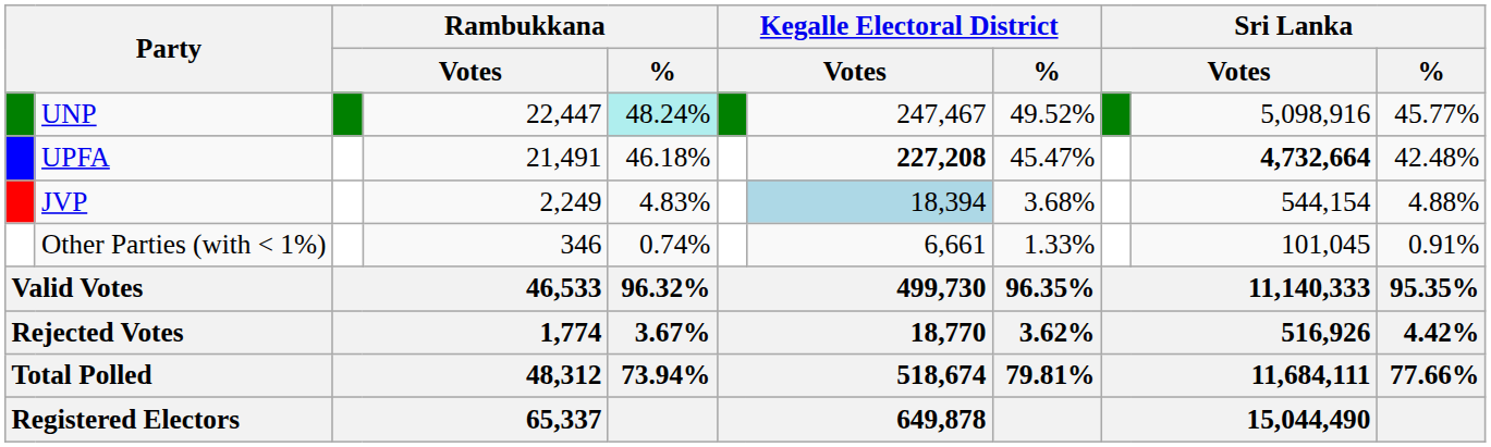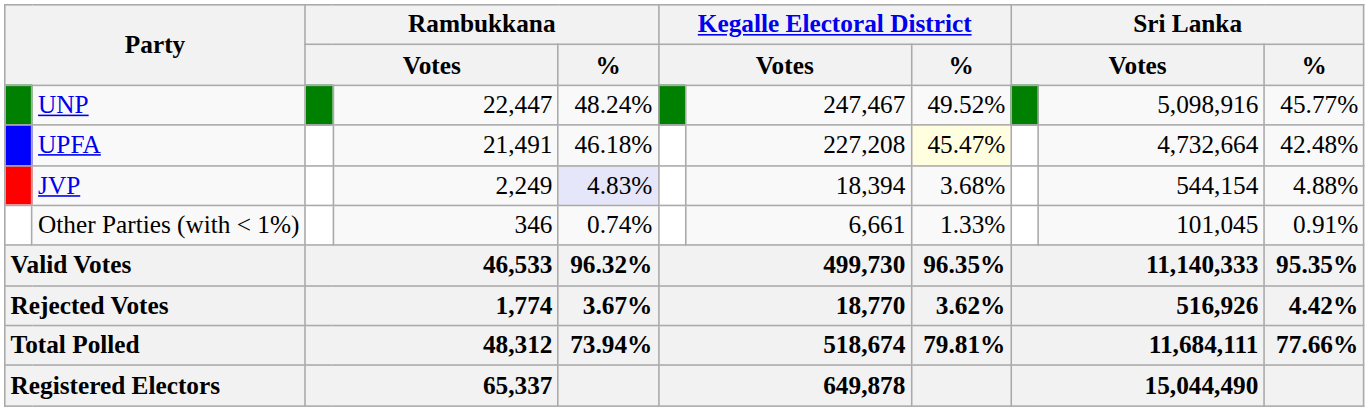 <table class="wikitable">
 <tr>
 <th colspan="2" width="144px"rowspan="2">Party</th>
 <th colspan="3" width="216px">Rambukkana</th>
 <th colspan="3" width="216px"><a href='#'>Kegalle Electoral District</a></th>
 <th colspan="3" width="216px">Sri Lanka</th>
 </tr>
 <tr>
 <th colspan="2" width="144px">Votes</th>
 <th>%</th>
 <th colspan="2" width="144px">Votes</th>
 <th>%</th>
 <th colspan="2" width="144px">Votes</th>
 <th>%</th>
 </tr>
 <tr>
 <td style="background-color:green;" width="10px"></td>
 <td style="text-align:left;"><a href='#'>UNP</a></td>
 <td style="background-color:green;" width="10px"></td>
 <td style="text-align:right;">22,447</td>
-<td style="background: paleturquoise; text-align:right;">48.24%</td>
+<td style="text-align:right;">48.24%</td>
 <td style="background-color:green;" width="10px"></td>
 <td style="text-align:right;">247,467</td>
 <td style="text-align:right;">49.52%</td>
 <td style="background-color:green;" width="10px"></td>
 <td style="text-align:right;">5,098,916</td>
 <td style="text-align:right;">45.77%</td>
 </tr>
 <tr>
 <td style="background-color:blue;" width="10px"></td>
 <td style="text-align:left;"><a href='#'>UPFA</a></td>
 <td style="background-color:white;" width="10px"></td>
 <td style="text-align:right;">21,491</td>
 <td style="text-align:right;">46.18%</td>
 <td style="background-color:white;" width="10px"></td>
-<td style="text-align:right;"><strong>227,208</strong></td>
-<td style="text-align:right;">45.47%</td>
+<td style="text-align:right;">227,208</td>
+<td style="background: lightyellow; text-align:right;">45.47%</td>
 <td style="background-color:white;" width="10px"></td>
-<td style="text-align:right;"><strong>4,732,664</strong></td>
+<td style="text-align:right;">4,732,664</td>
 <td style="text-align:right;">42.48%</td>
 </tr>
 <tr>
 <td style="background-color:red;" width="10px"></td>
 <td style="text-align:left;"><a href='#'>JVP</a></td>
 <td style="background-color:white;" width="10px"></td>
 <td style="text-align:right;">2,249</td>
-<td style="text-align:right;">4.83%</td>
+<td style="background: lavender; text-align:right;">4.83%</td>
 <td style="background-color:white;" width="10px"></td>
-<td style="background: lightblue; text-align:right;">18,394</td>
+<td style="text-align:right;">18,394</td>
 <td style="text-align:right;">3.68%</td>
 <td style="background-color:white;" width="10px"></td>
 <td style="text-align:right;">544,154</td>
 <td style="text-align:right;">4.88%</td>
 </tr>
 <tr>
 <td style="background-color:white;" width="10px"></td>
 <td style="text-align:left;">Other Parties (with < 1%)</td>
 <td style="background-color:white;" width="10px"></td>
 <td style="text-align:right;">346</td>
 <td style="text-align:right;">0.74%</td>
 <td style="background-color:white;" width="10px"></td>
 <td style="text-align:right;">6,661</td>
 <td style="text-align:right;">1.33%</td>
 <td style="background-color:white;" width="10px"></td>
 <td style="text-align:right;">101,045</td>
 <td style="text-align:right;">0.91%</td>
 </tr>
 <tr>
 <th colspan="2" width="144px"style="text-align:left;">Valid Votes</th>
 <th style="text-align:right;"colspan="2" width="144px">46,533</th>
 <th style="text-align:right;">96.32%</th>
 <th style="text-align:right;"colspan="2" width="144px">499,730</th>
 <th style="text-align:right;">96.35%</th>
 <th style="text-align:right;"colspan="2" width="144px">11,140,333</th>
 <th style="text-align:right;">95.35%</th>
 </tr>
 <tr>
 <th colspan="2" width="144px"style="text-align:left;">Rejected Votes</th>
 <th style="text-align:right;"colspan="2" width="144px">1,774</th>
 <th style="text-align:right;">3.67%</th>
 <th style="text-align:right;"colspan="2" width="144px">18,770</th>
 <th style="text-align:right;">3.62%</th>
 <th style="text-align:right;"colspan="2" width="144px">516,926</th>
 <th style="text-align:right;">4.42%</th>
 </tr>
 <tr>
 <th colspan="2" width="144px"style="text-align:left;">Total Polled</th>
 <th style="text-align:right;"colspan="2" width="144px">48,312</th>
 <th style="text-align:right;">73.94%</th>
 <th style="text-align:right;"colspan="2" width="144px">518,674</th>
 <th style="text-align:right;">79.81%</th>
 <th style="text-align:right;"colspan="2" width="144px">11,684,111</th>
 <th style="text-align:right;">77.66%</th>
 </tr>
 <tr>
 <th colspan="2" width="144px"style="text-align:left;">Registered Electors</th>
 <th style="text-align:right;"colspan="2" width="144px">65,337</th>
 <th></th>
 <th style="text-align:right;"colspan="2" width="144px">649,878</th>
 <th></th>
 <th style="text-align:right;"colspan="2" width="144px">15,044,490</th>
 <th></th>
 </tr>
 </table>
